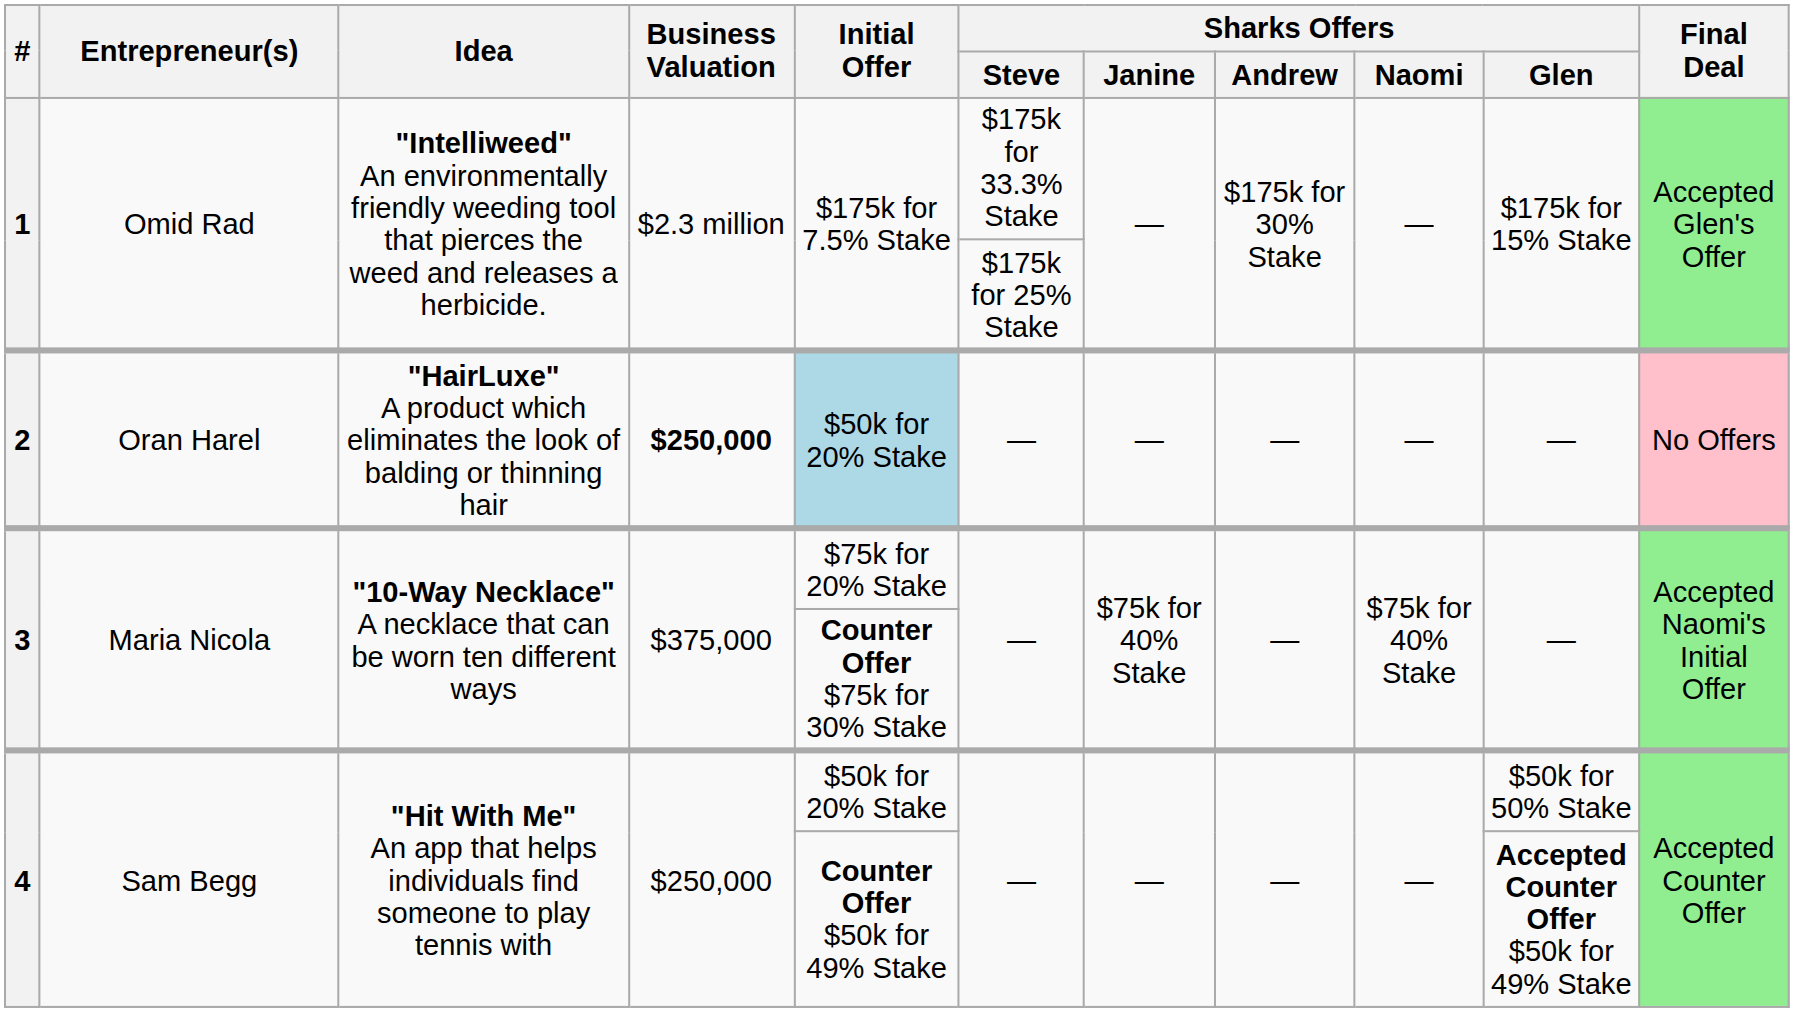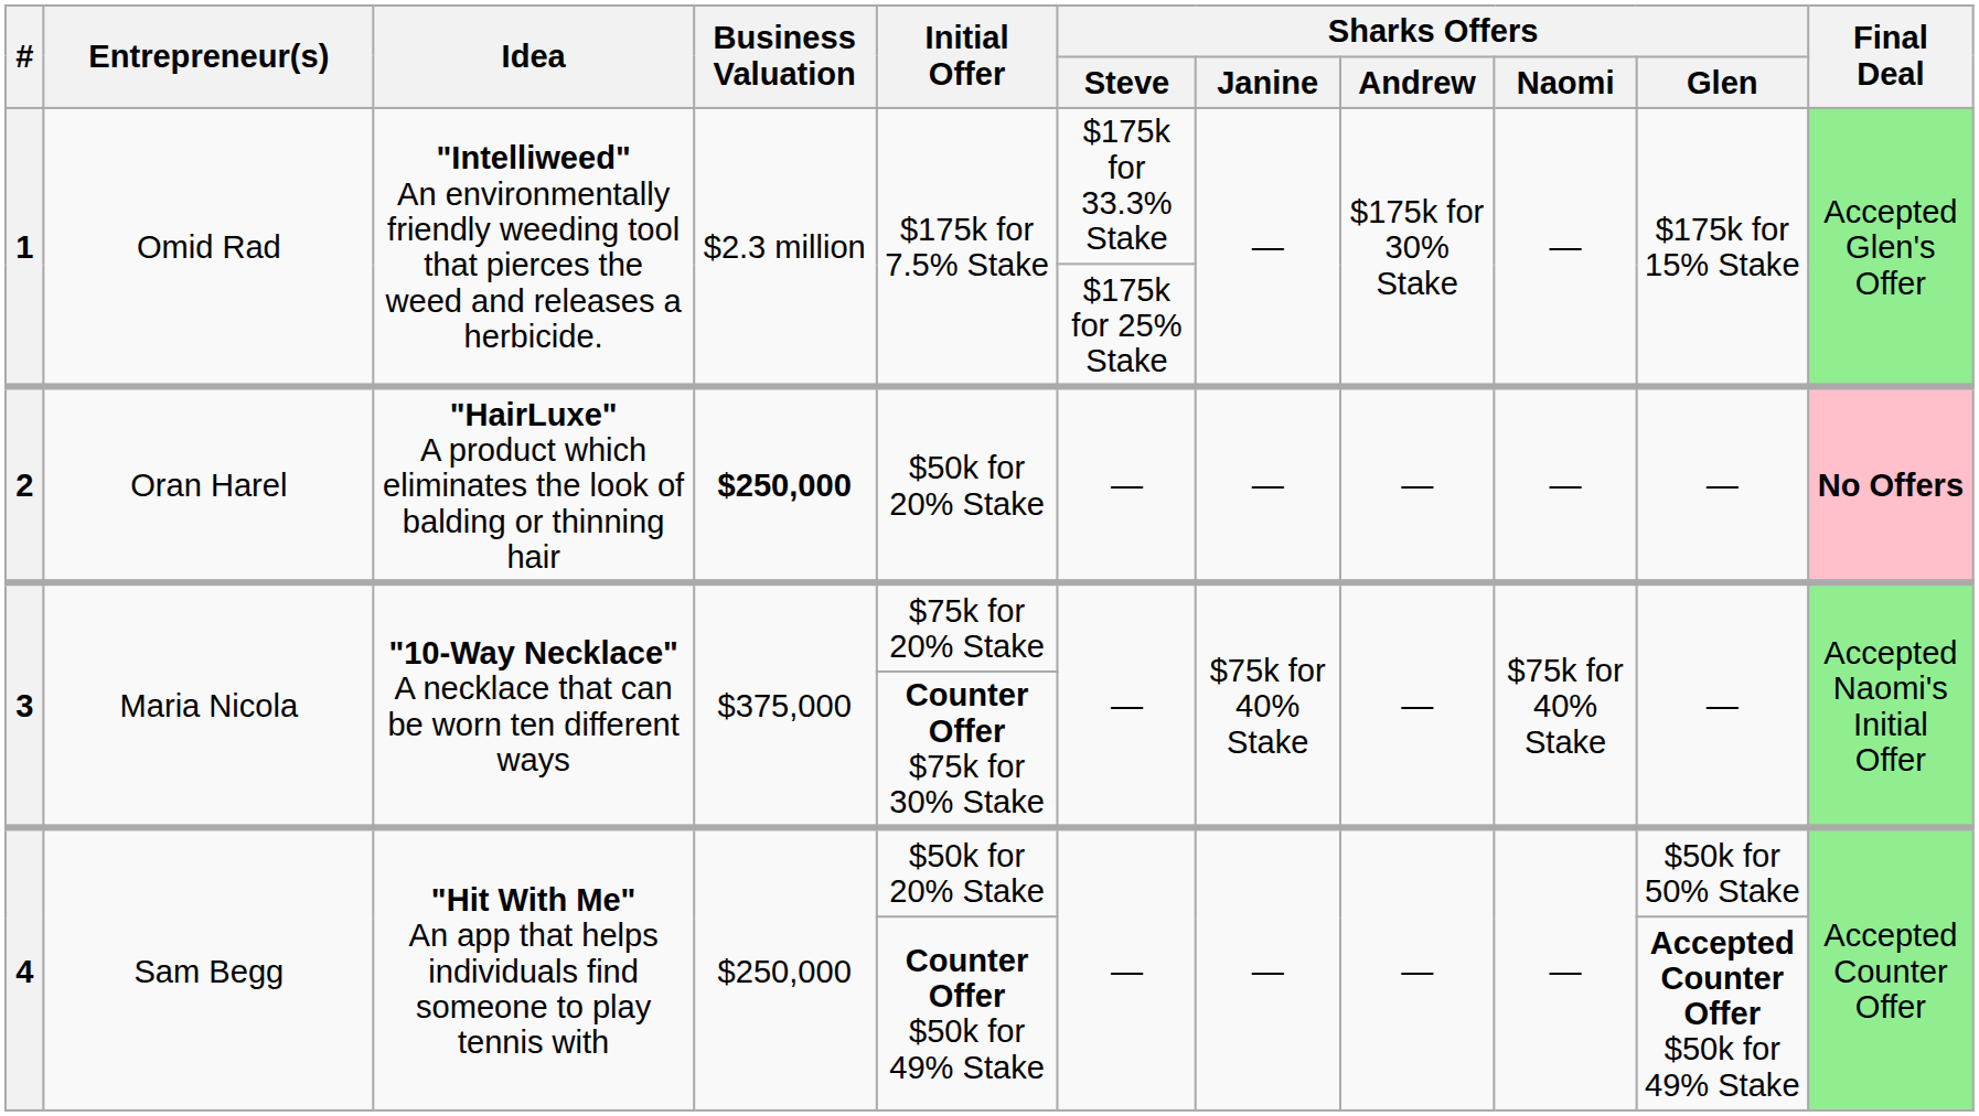 <table class="wikitable plainrowheaders" style="font-size:90%; text-align:center; width: 100%; margin-left: auto; margin-right: auto;">
 <tr>
 <th scope="col" bgcolor="lightgrey" rowspan="2" width="15" align="center">#</th>
 <th scope="col" bgcolor="lightgrey" rowspan="2" width="200" align="center">Entrepreneur(s)</th>
 <th scope="col" bgcolor="lightgrey" rowspan="2" width="200" align="center">Idea</th>
 <th scope="col" bgcolor="lightgrey" rowspan="2" width="95" align="center">Business Valuation</th>
 <th scope="col" bgcolor="lightgrey" rowspan="2" width="110" align="center">Initial Offer</th>
 <th scope="col" bgcolor="lightgrey" colspan="5">Sharks Offers</th>
 <th scope="col" bgcolor="lightgrey" rowspan="2" width="80" align="center">Final Deal</th>
 </tr>
 <tr>
 <th width="80" align="center"><strong>Steve</strong></th>
 <th width="80" align="center"><strong>Janine</strong></th>
 <th width="80" align="center"><strong>Andrew</strong></th>
 <th width="80" align="center"><strong>Naomi</strong></th>
 <th width="80" align="center"><strong>Glen</strong></th>
 </tr>
 <tr>
 <th rowspan="2">1</th>
 <td rowspan="2">Omid Rad</td>
 <td rowspan="2"><strong>"Intelliweed"</strong><br> An environmentally friendly weeding tool that pierces the weed and releases a herbicide.</td>
 <td rowspan="2">$2.3 million</td>
 <td rowspan="2">$175k for 7.5% Stake</td>
 <td>$175k for 33.3% Stake</td>
 <td rowspan="2">—</td>
 <td rowspan="2">$175k for 30% Stake</td>
 <td rowspan="2">—</td>
 <td rowspan="2">$175k for 15% Stake</td>
 <td rowspan="2" bgcolor="lightgreen">Accepted Glen's Offer</td>
 </tr>
 <tr>
 <td>$175k for 25% Stake</td>
 </tr>
 <tr>
 </tr>
 <tr style="border-top:3px solid #aaa;">
 <th>2</th>
 <td>Oran Harel</td>
 <td><strong>"HairLuxe"</strong><br> A product which eliminates the look of balding or thinning hair</td>
 <td><strong>$250,000</strong></td>
-<td style="background: lightblue;">$50k for 20% Stake</td>
+<td>$50k for 20% Stake</td>
 <td>—</td>
 <td>—</td>
 <td>—</td>
 <td>—</td>
 <td>—</td>
-<td bgcolor="pink">No Offers</td>
+<td bgcolor="pink"><strong>No Offers</strong></td>
 </tr>
 <tr>
 </tr>
 <tr style="border-top:3px solid #aaa;">
 <th rowspan="2">3</th>
 <td rowspan="2">Maria Nicola</td>
 <td rowspan="2"><strong>"10-Way Necklace"</strong><br> A necklace that can be worn ten different ways</td>
 <td rowspan="2">$375,000</td>
 <td>$75k for 20% Stake</td>
 <td rowspan="2">—</td>
 <td rowspan="2">$75k for 40% Stake</td>
 <td rowspan="2">—</td>
 <td rowspan="2">$75k for 40% Stake</td>
 <td rowspan="2">—</td>
 <td rowspan="2" bgcolor="lightgreen">Accepted Naomi's Initial Offer</td>
 </tr>
 <tr>
 <td><strong>Counter Offer</strong><br> $75k for 30% Stake</td>
 </tr>
 <tr>
 </tr>
 <tr style="border-top:3px solid #aaa;">
 <th rowspan="2">4</th>
 <td rowspan="2">Sam Begg</td>
 <td rowspan="2"><strong>"Hit With Me"</strong><br> An app that helps individuals find someone to play tennis with</td>
 <td rowspan="2">$250,000</td>
 <td>$50k for 20% Stake</td>
 <td rowspan="2">—</td>
 <td rowspan="2">—</td>
 <td rowspan="2">—</td>
 <td rowspan="2">—</td>
 <td>$50k for 50% Stake</td>
 <td rowspan="2" bgcolor="lightgreen">Accepted Counter Offer</td>
 </tr>
 <tr>
 <td><strong>Counter Offer</strong><br> $50k for 49% Stake</td>
 <td><strong>Accepted Counter Offer</strong><br> $50k for 49% Stake</td>
 </tr>
 </table>
